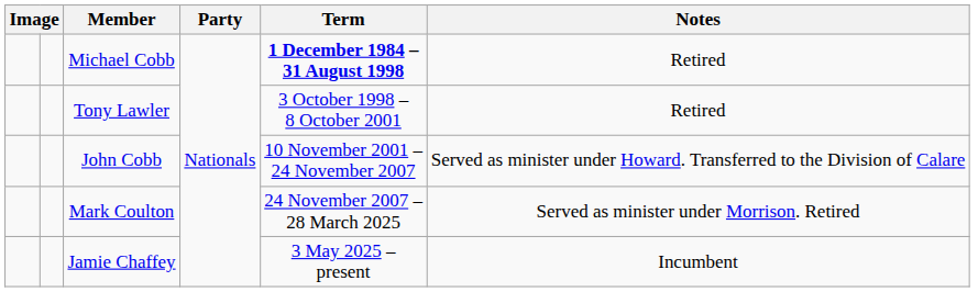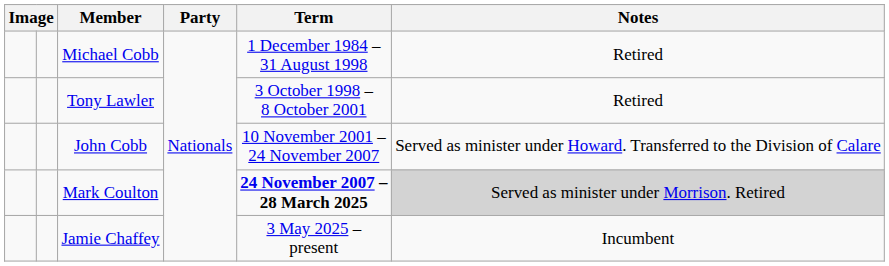 <table class="wikitable" style="text-align:center">
 <tr>
 <th colspan=2>Image</th>
 <th>Member</th>
 <th>Party</th>
 <th>Term</th>
 <th>Notes</th>
 </tr>
 <tr>
 <td> </td>
 <td></td>
 <td><a href='#'>Michael Cobb</a><br></td>
 <td rowspan="5"><a href='#'>Nationals</a></td>
-<td nowrap><strong><a href='#'>1 December 1984</a> –<br><a href='#'>31 August 1998</a></strong></td>
+<td nowrap><a href='#'>1 December 1984</a> –<br><a href='#'>31 August 1998</a></td>
 <td>Retired</td>
 </tr>
 <tr>
 <td> </td>
 <td></td>
 <td><a href='#'>Tony Lawler</a><br></td>
 <td nowrap><a href='#'>3 October 1998</a> –<br><a href='#'>8 October 2001</a></td>
 <td>Retired</td>
 </tr>
 <tr>
 <td> </td>
 <td></td>
 <td><a href='#'>John Cobb</a><br></td>
 <td nowrap><a href='#'>10 November 2001</a> –<br><a href='#'>24 November 2007</a></td>
 <td>Served as minister under <a href='#'>Howard</a>. Transferred to the Division of <a href='#'>Calare</a></td>
 </tr>
 <tr>
 <td> </td>
 <td></td>
 <td><a href='#'>Mark Coulton</a><br></td>
-<td nowrap><a href='#'>24 November 2007</a> –<br> 28 March 2025</td>
-<td>Served as minister under <a href='#'>Morrison</a>. Retired</td>
+<td nowrap><strong><a href='#'>24 November 2007</a> –<br> 28 March 2025</strong></td>
+<td style="background: lightgrey;">Served as minister under <a href='#'>Morrison</a>. Retired</td>
 </tr>
 <tr>
 <td> </td>
 <td></td>
 <td><a href='#'>Jamie Chaffey</a></td>
 <td nowrap><a href='#'>3 May 2025</a> –<br> present</td>
 <td>Incumbent</td>
 </tr>
 </table>
